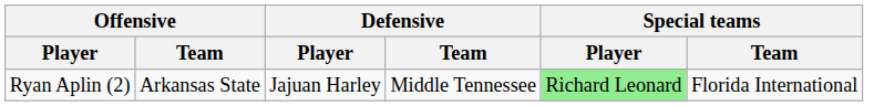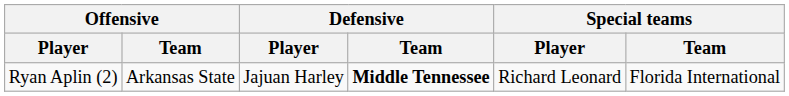 <table class="wikitable">
 <tr>
 <th colspan="2">Offensive</th>
 <th colspan="2">Defensive</th>
 <th colspan="2">Special teams</th>
 </tr>
 <tr>
 <th>Player</th>
 <th>Team</th>
 <th>Player</th>
 <th>Team</th>
 <th>Player</th>
 <th>Team</th>
 </tr>
 <tr>
 <td>Ryan Aplin (2)</td>
 <td>Arkansas State</td>
 <td>Jajuan Harley</td>
-<td>Middle Tennessee</td>
-<td style="background: lightgreen;">Richard Leonard</td>
+<td><strong>Middle Tennessee</strong></td>
+<td>Richard Leonard</td>
 <td>Florida International</td>
 </tr>
 </table>
